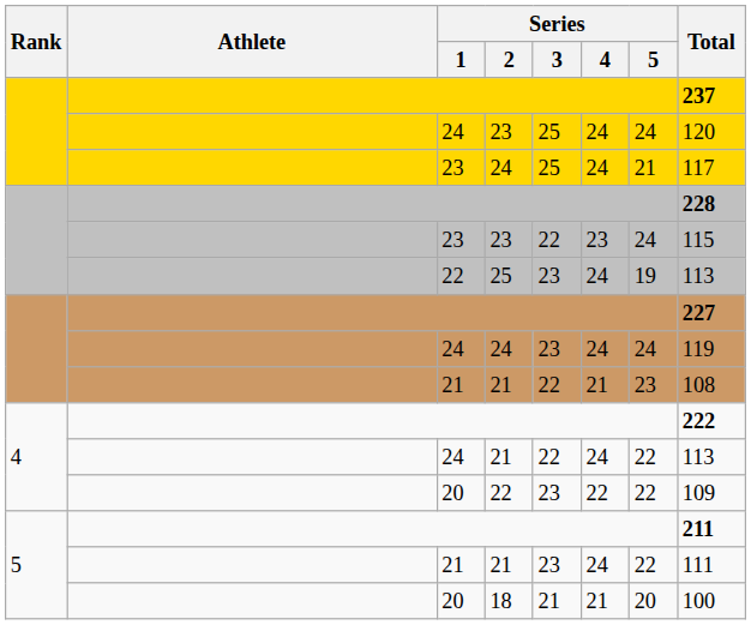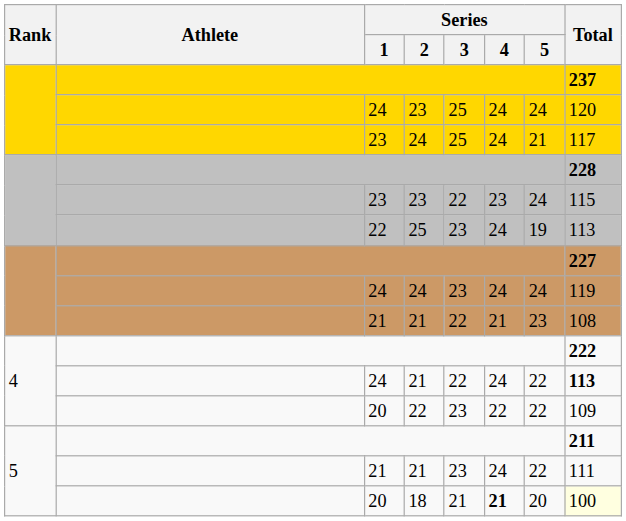 <table class="wikitable" style="font-size:95%" style="width:35em;" style="text-align:center">
 <tr>
 <th rowspan=2>Rank</th>
 <th rowspan=2 width=250>Athlete</th>
 <th colspan=5 width=160>Series</th>
 <th rowspan=2 width=40>Total</th>
 </tr>
 <tr>
 <th>1</th>
 <th>2</th>
 <th>3</th>
 <th>4</th>
 <th>5</th>
 </tr>
 <tr bgcolor=gold>
 <td rowspan=3></td>
 <td colspan=6 align=left></td>
 <td><strong>237</strong></td>
 </tr>
 <tr bgcolor=gold>
 <td align=left></td>
 <td>24</td>
 <td>23</td>
 <td>25</td>
 <td>24</td>
 <td>24</td>
 <td>120</td>
 </tr>
 <tr bgcolor=gold>
 <td align=left></td>
 <td>23</td>
 <td>24</td>
 <td>25</td>
 <td>24</td>
 <td>21</td>
 <td>117</td>
 </tr>
 <tr bgcolor=silver>
 <td rowspan=3></td>
 <td colspan=6 align=left></td>
 <td><strong>228</strong></td>
 </tr>
 <tr bgcolor=silver>
 <td align=left></td>
 <td>23</td>
 <td>23</td>
 <td>22</td>
 <td>23</td>
 <td>24</td>
 <td>115</td>
 </tr>
 <tr bgcolor=silver>
 <td align=left></td>
 <td>22</td>
 <td>25</td>
 <td>23</td>
 <td>24</td>
 <td>19</td>
 <td>113</td>
 </tr>
 <tr bgcolor=cc9966>
 <td rowspan=3></td>
 <td colspan=6 align=left></td>
 <td><strong>227</strong></td>
 </tr>
 <tr bgcolor=cc9966>
 <td align=left></td>
 <td>24</td>
 <td>24</td>
 <td>23</td>
 <td>24</td>
 <td>24</td>
 <td>119</td>
 </tr>
 <tr bgcolor=cc9966>
 <td align=left></td>
 <td>21</td>
 <td>21</td>
 <td>22</td>
 <td>21</td>
 <td>23</td>
 <td>108</td>
 </tr>
 <tr>
 <td rowspan=3>4</td>
 <td colspan=6 align=left></td>
 <td><strong>222</strong></td>
 </tr>
 <tr>
 <td align=left></td>
 <td>24</td>
 <td>21</td>
 <td>22</td>
 <td>24</td>
 <td>22</td>
-<td>113</td>
+<td><strong>113</strong></td>
 </tr>
 <tr>
 <td align=left></td>
 <td>20</td>
 <td>22</td>
 <td>23</td>
 <td>22</td>
 <td>22</td>
 <td>109</td>
 </tr>
 <tr>
 <td rowspan=3>5</td>
 <td colspan=6 align=left></td>
 <td><strong>211</strong></td>
 </tr>
 <tr>
 <td align=left></td>
 <td>21</td>
 <td>21</td>
 <td>23</td>
 <td>24</td>
 <td>22</td>
 <td>111</td>
 </tr>
 <tr>
 <td align=left></td>
 <td>20</td>
 <td>18</td>
 <td>21</td>
-<td>21</td>
+<td><strong>21</strong></td>
 <td>20</td>
-<td>100</td>
+<td style="background: lightyellow;">100</td>
 </tr>
 </table>
